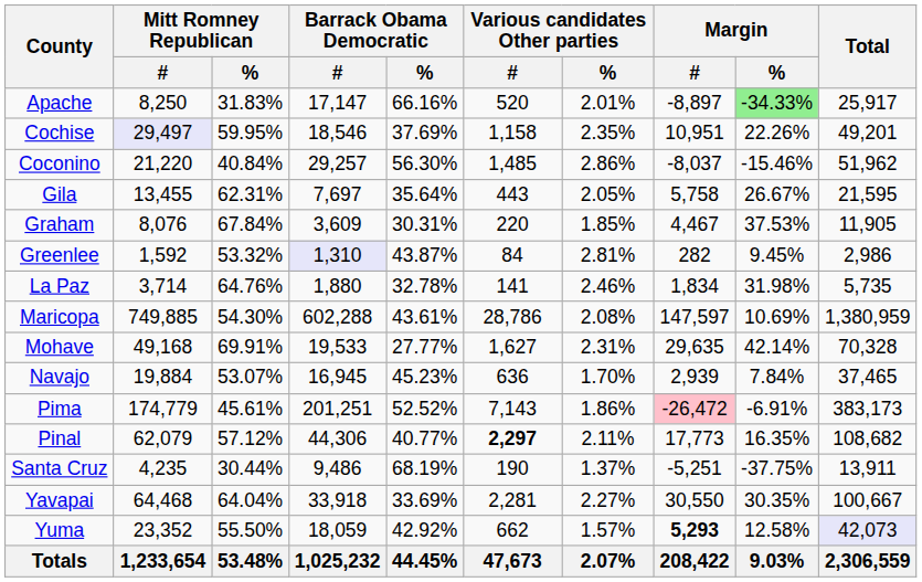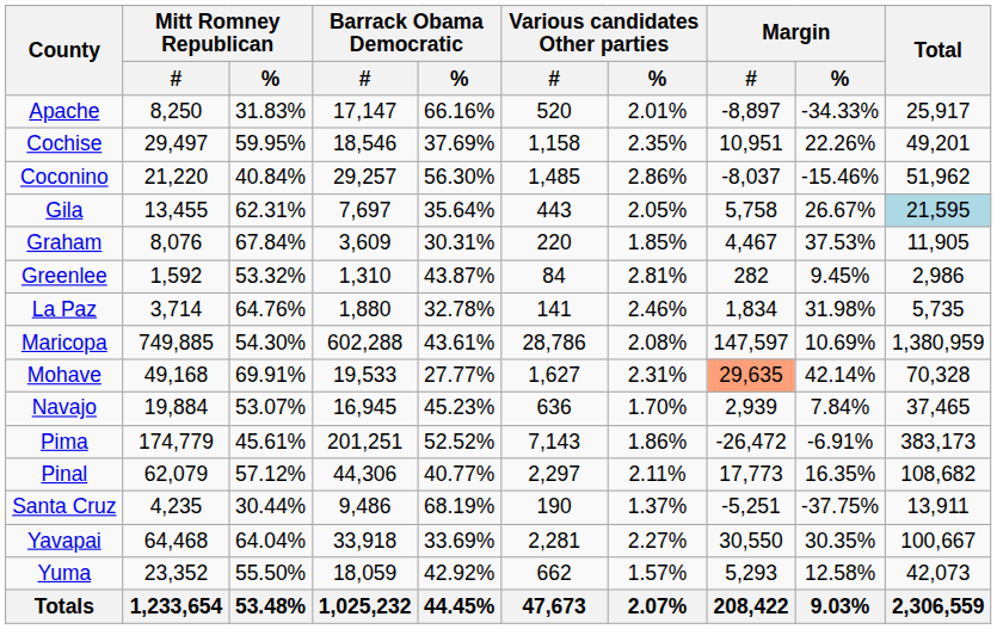 <table width="60%" class="wikitable sortable">
 <tr>
 <th rowspan="2">County</th>
 <th colspan="2">Mitt Romney<br>Republican</th>
 <th colspan="2">Barrack Obama<br>Democratic</th>
 <th colspan="2">Various candidates<br>Other parties</th>
 <th colspan="2">Margin</th>
 <th rowspan="2">Total</th>
 </tr>
 <tr>
 <th style="text-align:center;" data-sort-type="number">#</th>
 <th style="text-align:center;" data-sort-type="number">%</th>
 <th style="text-align:center;" data-sort-type="number">#</th>
 <th style="text-align:center;" data-sort-type="number">%</th>
 <th style="text-align:center;" data-sort-type="number">#</th>
 <th style="text-align:center;" data-sort-type="number">%</th>
 <th style="text-align:center;" data-sort-type="number">#</th>
 <th style="text-align:center;" data-sort-type="number">%</th>
 </tr>
 <tr style="text-align:center;">
 <td><a href='#'>Apache</a></td>
 <td>8,250</td>
 <td>31.83%</td>
 <td>17,147</td>
 <td>66.16%</td>
 <td>520</td>
 <td>2.01%</td>
 <td>-8,897</td>
-<td style="background: lightgreen;">-34.33%</td>
+<td>-34.33%</td>
 <td>25,917</td>
 </tr>
 <tr style="text-align:center;">
 <td><a href='#'>Cochise</a></td>
-<td style="background: lavender;">29,497</td>
+<td>29,497</td>
 <td>59.95%</td>
 <td>18,546</td>
 <td>37.69%</td>
 <td>1,158</td>
 <td>2.35%</td>
 <td>10,951</td>
 <td>22.26%</td>
 <td>49,201</td>
 </tr>
 <tr style="text-align:center;">
 <td><a href='#'>Coconino</a></td>
 <td>21,220</td>
 <td>40.84%</td>
 <td>29,257</td>
 <td>56.30%</td>
 <td>1,485</td>
 <td>2.86%</td>
 <td>-8,037</td>
 <td>-15.46%</td>
 <td>51,962</td>
 </tr>
 <tr style="text-align:center;">
 <td><a href='#'>Gila</a></td>
 <td>13,455</td>
 <td>62.31%</td>
 <td>7,697</td>
 <td>35.64%</td>
 <td>443</td>
 <td>2.05%</td>
 <td>5,758</td>
 <td>26.67%</td>
-<td>21,595</td>
+<td style="background: lightblue;">21,595</td>
 </tr>
 <tr style="text-align:center;">
 <td><a href='#'>Graham</a></td>
 <td>8,076</td>
 <td>67.84%</td>
 <td>3,609</td>
 <td>30.31%</td>
 <td>220</td>
 <td>1.85%</td>
 <td>4,467</td>
 <td>37.53%</td>
 <td>11,905</td>
 </tr>
 <tr style="text-align:center;">
 <td><a href='#'>Greenlee</a></td>
 <td>1,592</td>
 <td>53.32%</td>
-<td style="background: lavender;">1,310</td>
+<td>1,310</td>
 <td>43.87%</td>
 <td>84</td>
 <td>2.81%</td>
 <td>282</td>
 <td>9.45%</td>
 <td>2,986</td>
 </tr>
 <tr style="text-align:center;">
 <td><a href='#'>La Paz</a></td>
 <td>3,714</td>
 <td>64.76%</td>
 <td>1,880</td>
 <td>32.78%</td>
 <td>141</td>
 <td>2.46%</td>
 <td>1,834</td>
 <td>31.98%</td>
 <td>5,735</td>
 </tr>
 <tr style="text-align:center;">
 <td><a href='#'>Maricopa</a></td>
 <td>749,885</td>
 <td>54.30%</td>
 <td>602,288</td>
 <td>43.61%</td>
 <td>28,786</td>
 <td>2.08%</td>
 <td>147,597</td>
 <td>10.69%</td>
 <td>1,380,959</td>
 </tr>
 <tr style="text-align:center;">
 <td><a href='#'>Mohave</a></td>
 <td>49,168</td>
 <td>69.91%</td>
 <td>19,533</td>
 <td>27.77%</td>
 <td>1,627</td>
 <td>2.31%</td>
-<td>29,635</td>
+<td style="background: lightsalmon;">29,635</td>
 <td>42.14%</td>
 <td>70,328</td>
 </tr>
 <tr style="text-align:center;">
 <td><a href='#'>Navajo</a></td>
 <td>19,884</td>
 <td>53.07%</td>
 <td>16,945</td>
 <td>45.23%</td>
 <td>636</td>
 <td>1.70%</td>
 <td>2,939</td>
 <td>7.84%</td>
 <td>37,465</td>
 </tr>
 <tr style="text-align:center;">
 <td><a href='#'>Pima</a></td>
 <td>174,779</td>
 <td>45.61%</td>
 <td>201,251</td>
 <td>52.52%</td>
 <td>7,143</td>
 <td>1.86%</td>
-<td style="background: pink;">-26,472</td>
+<td>-26,472</td>
 <td>-6.91%</td>
 <td>383,173</td>
 </tr>
 <tr style="text-align:center;">
 <td><a href='#'>Pinal</a></td>
 <td>62,079</td>
 <td>57.12%</td>
 <td>44,306</td>
 <td>40.77%</td>
-<td><strong>2,297</strong></td>
+<td>2,297</td>
 <td>2.11%</td>
 <td>17,773</td>
 <td>16.35%</td>
 <td>108,682</td>
 </tr>
 <tr style="text-align:center;">
 <td><a href='#'>Santa Cruz</a></td>
 <td>4,235</td>
 <td>30.44%</td>
 <td>9,486</td>
 <td>68.19%</td>
 <td>190</td>
 <td>1.37%</td>
 <td>-5,251</td>
 <td>-37.75%</td>
 <td>13,911</td>
 </tr>
 <tr style="text-align:center;">
 <td><a href='#'>Yavapai</a></td>
 <td>64,468</td>
 <td>64.04%</td>
 <td>33,918</td>
 <td>33.69%</td>
 <td>2,281</td>
 <td>2.27%</td>
 <td>30,550</td>
 <td>30.35%</td>
 <td>100,667</td>
 </tr>
 <tr style="text-align:center;">
 <td><a href='#'>Yuma</a></td>
 <td>23,352</td>
 <td>55.50%</td>
 <td>18,059</td>
 <td>42.92%</td>
 <td>662</td>
 <td>1.57%</td>
-<td><strong>5,293</strong></td>
+<td>5,293</td>
 <td>12.58%</td>
-<td style="background: lavender;">42,073</td>
+<td>42,073</td>
 </tr>
 <tr>
 <th>Totals</th>
 <th>1,233,654</th>
 <th>53.48%</th>
 <th>1,025,232</th>
 <th>44.45%</th>
 <th>47,673</th>
 <th>2.07%</th>
 <th>208,422</th>
 <th>9.03%</th>
 <th>2,306,559</th>
 </tr>
 </table>
